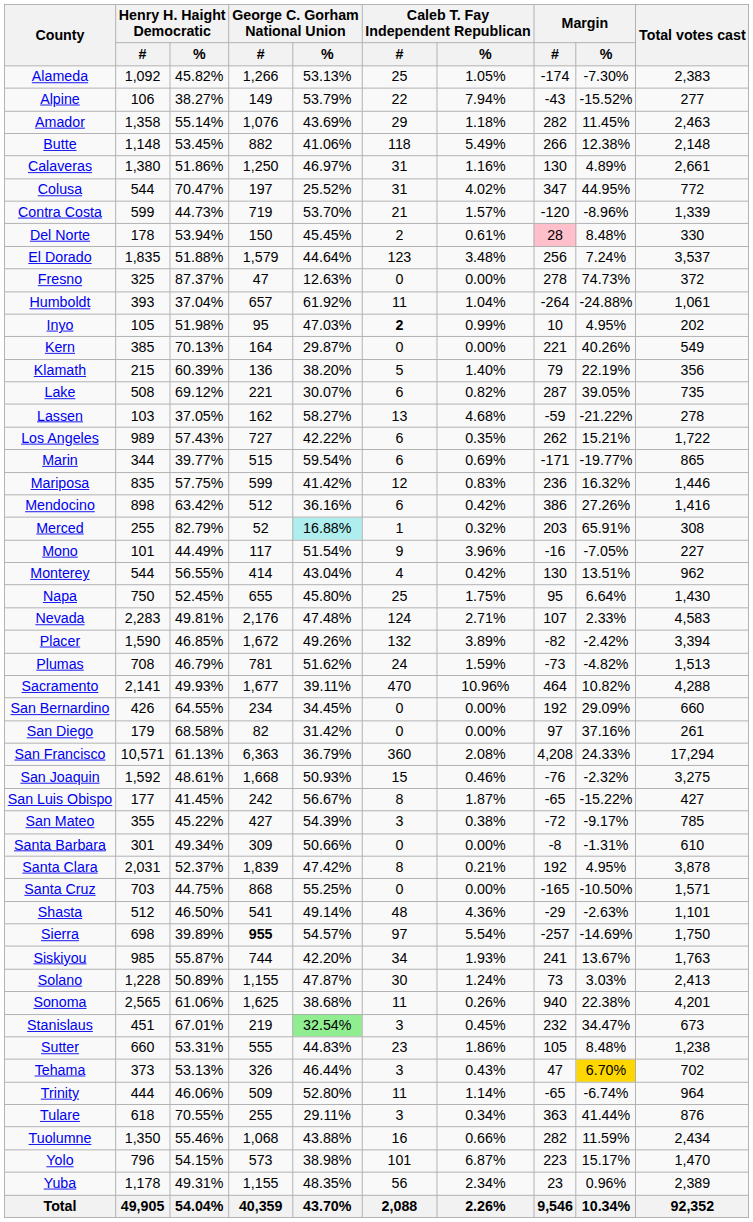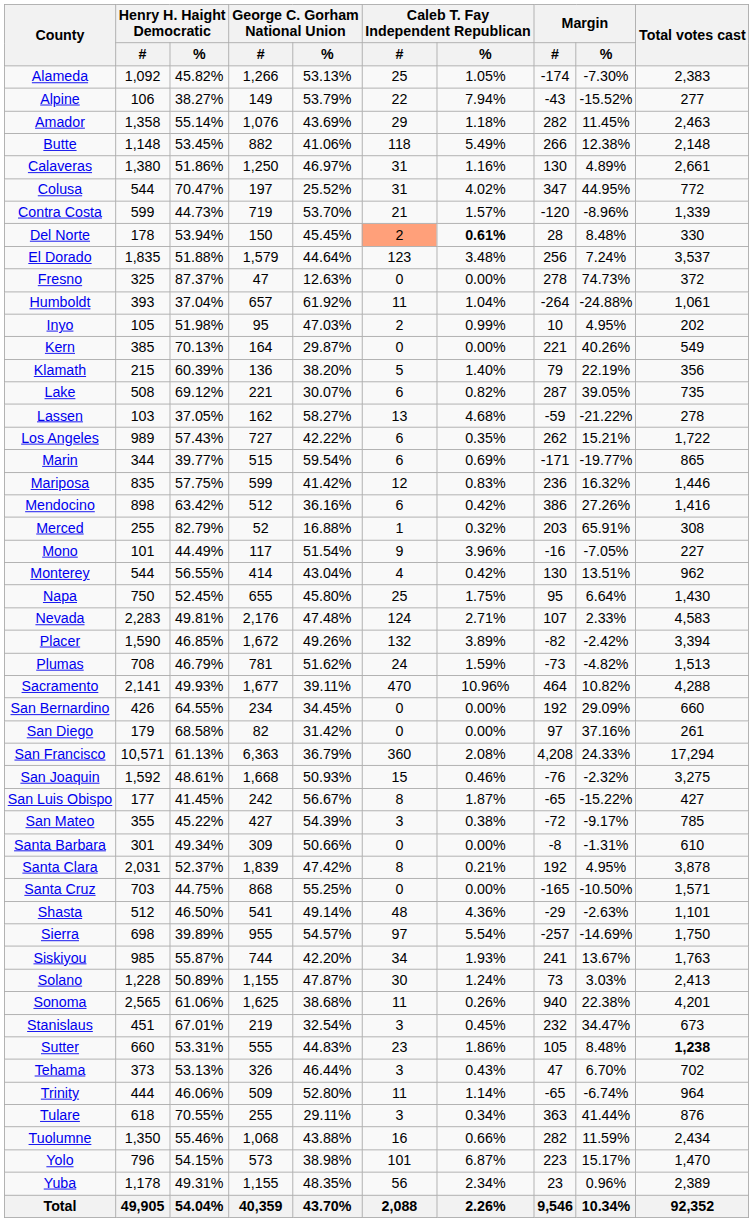 <table class="wikitable sortable" style="text-align:center">
 <tr>
 <th rowspan="2">County</th>
 <th style="text-align:center;" colspan="2">Henry H. Haight<br>Democratic</th>
 <th style="text-align:center;" colspan="2">George C. Gorham<br>National Union</th>
 <th style="text-align:center;" colspan="2">Caleb T. Fay<br>Independent Republican</th>
 <th style="text-align:center;" colspan="2">Margin</th>
 <th style="text-align:center;" rowspan="2">Total votes cast</th>
 </tr>
 <tr>
 <th style="text-align:center;" data-sort-type="number">#</th>
 <th style="text-align:center;" data-sort-type="number">%</th>
 <th style="text-align:center;" data-sort-type="number">#</th>
 <th style="text-align:center;" data-sort-type="number">%</th>
 <th style="text-align:center;" data-sort-type="number">#</th>
 <th style="text-align:center;" data-sort-type="number">%</th>
 <th style="text-align:center;" data-sort-type="number">#</th>
 <th style="text-align:center;" data-sort-type="number">%</th>
 </tr>
 <tr style="text-align:center;">
 <td><a href='#'>Alameda</a></td>
 <td>1,092</td>
 <td>45.82%</td>
 <td>1,266</td>
 <td>53.13%</td>
 <td>25</td>
 <td>1.05%</td>
 <td>-174</td>
 <td>-7.30%</td>
 <td>2,383</td>
 </tr>
 <tr style="text-align:center;">
 <td><a href='#'>Alpine</a></td>
 <td>106</td>
 <td>38.27%</td>
 <td>149</td>
 <td>53.79%</td>
 <td>22</td>
 <td>7.94%</td>
 <td>-43</td>
 <td>-15.52%</td>
 <td>277</td>
 </tr>
 <tr style="text-align:center;">
 <td><a href='#'>Amador</a></td>
 <td>1,358</td>
 <td>55.14%</td>
 <td>1,076</td>
 <td>43.69%</td>
 <td>29</td>
 <td>1.18%</td>
 <td>282</td>
 <td>11.45%</td>
 <td>2,463</td>
 </tr>
 <tr style="text-align:center;">
 <td><a href='#'>Butte</a></td>
 <td>1,148</td>
 <td>53.45%</td>
 <td>882</td>
 <td>41.06%</td>
 <td>118</td>
 <td>5.49%</td>
 <td>266</td>
 <td>12.38%</td>
 <td>2,148</td>
 </tr>
 <tr style="text-align:center;">
 <td><a href='#'>Calaveras</a></td>
 <td>1,380</td>
 <td>51.86%</td>
 <td>1,250</td>
 <td>46.97%</td>
 <td>31</td>
 <td>1.16%</td>
 <td>130</td>
 <td>4.89%</td>
 <td>2,661</td>
 </tr>
 <tr style="text-align:center;">
 <td><a href='#'>Colusa</a></td>
 <td>544</td>
 <td>70.47%</td>
 <td>197</td>
 <td>25.52%</td>
 <td>31</td>
 <td>4.02%</td>
 <td>347</td>
 <td>44.95%</td>
 <td>772</td>
 </tr>
 <tr style="text-align:center;">
 <td><a href='#'>Contra Costa</a></td>
 <td>599</td>
 <td>44.73%</td>
 <td>719</td>
 <td>53.70%</td>
 <td>21</td>
 <td>1.57%</td>
 <td>-120</td>
 <td>-8.96%</td>
 <td>1,339</td>
 </tr>
 <tr style="text-align:center;">
 <td><a href='#'>Del Norte</a></td>
 <td>178</td>
 <td>53.94%</td>
 <td>150</td>
 <td>45.45%</td>
-<td>2</td>
-<td>0.61%</td>
-<td style="background: pink;">28</td>
+<td style="background: lightsalmon;">2</td>
+<td><strong>0.61%</strong></td>
+<td>28</td>
 <td>8.48%</td>
 <td>330</td>
 </tr>
 <tr style="text-align:center;">
 <td><a href='#'>El Dorado</a></td>
 <td>1,835</td>
 <td>51.88%</td>
 <td>1,579</td>
 <td>44.64%</td>
 <td>123</td>
 <td>3.48%</td>
 <td>256</td>
 <td>7.24%</td>
 <td>3,537</td>
 </tr>
 <tr style="text-align:center;">
 <td><a href='#'>Fresno</a></td>
 <td>325</td>
 <td>87.37%</td>
 <td>47</td>
 <td>12.63%</td>
 <td>0</td>
 <td>0.00%</td>
 <td>278</td>
 <td>74.73%</td>
 <td>372</td>
 </tr>
 <tr style="text-align:center;">
 <td><a href='#'>Humboldt</a></td>
 <td>393</td>
 <td>37.04%</td>
 <td>657</td>
 <td>61.92%</td>
 <td>11</td>
 <td>1.04%</td>
 <td>-264</td>
 <td>-24.88%</td>
 <td>1,061</td>
 </tr>
 <tr style="text-align:center;">
 <td><a href='#'>Inyo</a></td>
 <td>105</td>
 <td>51.98%</td>
 <td>95</td>
 <td>47.03%</td>
-<td><strong>2</strong></td>
+<td>2</td>
 <td>0.99%</td>
 <td>10</td>
 <td>4.95%</td>
 <td>202</td>
 </tr>
 <tr style="text-align:center;">
 <td><a href='#'>Kern</a></td>
 <td>385</td>
 <td>70.13%</td>
 <td>164</td>
 <td>29.87%</td>
 <td>0</td>
 <td>0.00%</td>
 <td>221</td>
 <td>40.26%</td>
 <td>549</td>
 </tr>
 <tr style="text-align:center;">
 <td><a href='#'>Klamath</a></td>
 <td>215</td>
 <td>60.39%</td>
 <td>136</td>
 <td>38.20%</td>
 <td>5</td>
 <td>1.40%</td>
 <td>79</td>
 <td>22.19%</td>
 <td>356</td>
 </tr>
 <tr style="text-align:center;">
 <td><a href='#'>Lake</a></td>
 <td>508</td>
 <td>69.12%</td>
 <td>221</td>
 <td>30.07%</td>
 <td>6</td>
 <td>0.82%</td>
 <td>287</td>
 <td>39.05%</td>
 <td>735</td>
 </tr>
 <tr style="text-align:center;">
 <td><a href='#'>Lassen</a></td>
 <td>103</td>
 <td>37.05%</td>
 <td>162</td>
 <td>58.27%</td>
 <td>13</td>
 <td>4.68%</td>
 <td>-59</td>
 <td>-21.22%</td>
 <td>278</td>
 </tr>
 <tr style="text-align:center;">
 <td><a href='#'>Los Angeles</a></td>
 <td>989</td>
 <td>57.43%</td>
 <td>727</td>
 <td>42.22%</td>
 <td>6</td>
 <td>0.35%</td>
 <td>262</td>
 <td>15.21%</td>
 <td>1,722</td>
 </tr>
 <tr style="text-align:center;">
 <td><a href='#'>Marin</a></td>
 <td>344</td>
 <td>39.77%</td>
 <td>515</td>
 <td>59.54%</td>
 <td>6</td>
 <td>0.69%</td>
 <td>-171</td>
 <td>-19.77%</td>
 <td>865</td>
 </tr>
 <tr style="text-align:center;">
 <td><a href='#'>Mariposa</a></td>
 <td>835</td>
 <td>57.75%</td>
 <td>599</td>
 <td>41.42%</td>
 <td>12</td>
 <td>0.83%</td>
 <td>236</td>
 <td>16.32%</td>
 <td>1,446</td>
 </tr>
 <tr style="text-align:center;">
 <td><a href='#'>Mendocino</a></td>
 <td>898</td>
 <td>63.42%</td>
 <td>512</td>
 <td>36.16%</td>
 <td>6</td>
 <td>0.42%</td>
 <td>386</td>
 <td>27.26%</td>
 <td>1,416</td>
 </tr>
 <tr style="text-align:center;">
 <td><a href='#'>Merced</a></td>
 <td>255</td>
 <td>82.79%</td>
 <td>52</td>
-<td style="background: paleturquoise;">16.88%</td>
+<td>16.88%</td>
 <td>1</td>
 <td>0.32%</td>
 <td>203</td>
 <td>65.91%</td>
 <td>308</td>
 </tr>
 <tr style="text-align:center;">
 <td><a href='#'>Mono</a></td>
 <td>101</td>
 <td>44.49%</td>
 <td>117</td>
 <td>51.54%</td>
 <td>9</td>
 <td>3.96%</td>
 <td>-16</td>
 <td>-7.05%</td>
 <td>227</td>
 </tr>
 <tr style="text-align:center;">
 <td><a href='#'>Monterey</a></td>
 <td>544</td>
 <td>56.55%</td>
 <td>414</td>
 <td>43.04%</td>
 <td>4</td>
 <td>0.42%</td>
 <td>130</td>
 <td>13.51%</td>
 <td>962</td>
 </tr>
 <tr style="text-align:center;">
 <td><a href='#'>Napa</a></td>
 <td>750</td>
 <td>52.45%</td>
 <td>655</td>
 <td>45.80%</td>
 <td>25</td>
 <td>1.75%</td>
 <td>95</td>
 <td>6.64%</td>
 <td>1,430</td>
 </tr>
 <tr style="text-align:center;">
 <td><a href='#'>Nevada</a></td>
 <td>2,283</td>
 <td>49.81%</td>
 <td>2,176</td>
 <td>47.48%</td>
 <td>124</td>
 <td>2.71%</td>
 <td>107</td>
 <td>2.33%</td>
 <td>4,583</td>
 </tr>
 <tr style="text-align:center;">
 <td><a href='#'>Placer</a></td>
 <td>1,590</td>
 <td>46.85%</td>
 <td>1,672</td>
 <td>49.26%</td>
 <td>132</td>
 <td>3.89%</td>
 <td>-82</td>
 <td>-2.42%</td>
 <td>3,394</td>
 </tr>
 <tr style="text-align:center;">
 <td><a href='#'>Plumas</a></td>
 <td>708</td>
 <td>46.79%</td>
 <td>781</td>
 <td>51.62%</td>
 <td>24</td>
 <td>1.59%</td>
 <td>-73</td>
 <td>-4.82%</td>
 <td>1,513</td>
 </tr>
 <tr style="text-align:center;">
 <td><a href='#'>Sacramento</a></td>
 <td>2,141</td>
 <td>49.93%</td>
 <td>1,677</td>
 <td>39.11%</td>
 <td>470</td>
 <td>10.96%</td>
 <td>464</td>
 <td>10.82%</td>
 <td>4,288</td>
 </tr>
 <tr style="text-align:center;">
 <td><a href='#'>San Bernardino</a></td>
 <td>426</td>
 <td>64.55%</td>
 <td>234</td>
 <td>34.45%</td>
 <td>0</td>
 <td>0.00%</td>
 <td>192</td>
 <td>29.09%</td>
 <td>660</td>
 </tr>
 <tr style="text-align:center;">
 <td><a href='#'>San Diego</a></td>
 <td>179</td>
 <td>68.58%</td>
 <td>82</td>
 <td>31.42%</td>
 <td>0</td>
 <td>0.00%</td>
 <td>97</td>
 <td>37.16%</td>
 <td>261</td>
 </tr>
 <tr style="text-align:center;">
 <td><a href='#'>San Francisco</a></td>
 <td>10,571</td>
 <td>61.13%</td>
 <td>6,363</td>
 <td>36.79%</td>
 <td>360</td>
 <td>2.08%</td>
 <td>4,208</td>
 <td>24.33%</td>
 <td>17,294</td>
 </tr>
 <tr style="text-align:center;">
 <td><a href='#'>San Joaquin</a></td>
 <td>1,592</td>
 <td>48.61%</td>
 <td>1,668</td>
 <td>50.93%</td>
 <td>15</td>
 <td>0.46%</td>
 <td>-76</td>
 <td>-2.32%</td>
 <td>3,275</td>
 </tr>
 <tr style="text-align:center;">
 <td><a href='#'>San Luis Obispo</a></td>
 <td>177</td>
 <td>41.45%</td>
 <td>242</td>
 <td>56.67%</td>
 <td>8</td>
 <td>1.87%</td>
 <td>-65</td>
 <td>-15.22%</td>
 <td>427</td>
 </tr>
 <tr style="text-align:center;">
 <td><a href='#'>San Mateo</a></td>
 <td>355</td>
 <td>45.22%</td>
 <td>427</td>
 <td>54.39%</td>
 <td>3</td>
 <td>0.38%</td>
 <td>-72</td>
 <td>-9.17%</td>
 <td>785</td>
 </tr>
 <tr style="text-align:center;">
 <td><a href='#'>Santa Barbara</a></td>
 <td>301</td>
 <td>49.34%</td>
 <td>309</td>
 <td>50.66%</td>
 <td>0</td>
 <td>0.00%</td>
 <td>-8</td>
 <td>-1.31%</td>
 <td>610</td>
 </tr>
 <tr style="text-align:center;">
 <td><a href='#'>Santa Clara</a></td>
 <td>2,031</td>
 <td>52.37%</td>
 <td>1,839</td>
 <td>47.42%</td>
 <td>8</td>
 <td>0.21%</td>
 <td>192</td>
 <td>4.95%</td>
 <td>3,878</td>
 </tr>
 <tr style="text-align:center;">
 <td><a href='#'>Santa Cruz</a></td>
 <td>703</td>
 <td>44.75%</td>
 <td>868</td>
 <td>55.25%</td>
 <td>0</td>
 <td>0.00%</td>
 <td>-165</td>
 <td>-10.50%</td>
 <td>1,571</td>
 </tr>
 <tr style="text-align:center;">
 <td><a href='#'>Shasta</a></td>
 <td>512</td>
 <td>46.50%</td>
 <td>541</td>
 <td>49.14%</td>
 <td>48</td>
 <td>4.36%</td>
 <td>-29</td>
 <td>-2.63%</td>
 <td>1,101</td>
 </tr>
 <tr style="text-align:center;">
 <td><a href='#'>Sierra</a></td>
 <td>698</td>
 <td>39.89%</td>
-<td><strong>955</strong></td>
+<td>955</td>
 <td>54.57%</td>
 <td>97</td>
 <td>5.54%</td>
 <td>-257</td>
 <td>-14.69%</td>
 <td>1,750</td>
 </tr>
 <tr style="text-align:center;">
 <td><a href='#'>Siskiyou</a></td>
 <td>985</td>
 <td>55.87%</td>
 <td>744</td>
 <td>42.20%</td>
 <td>34</td>
 <td>1.93%</td>
 <td>241</td>
 <td>13.67%</td>
 <td>1,763</td>
 </tr>
 <tr style="text-align:center;">
 <td><a href='#'>Solano</a></td>
 <td>1,228</td>
 <td>50.89%</td>
 <td>1,155</td>
 <td>47.87%</td>
 <td>30</td>
 <td>1.24%</td>
 <td>73</td>
 <td>3.03%</td>
 <td>2,413</td>
 </tr>
 <tr style="text-align:center;">
 <td><a href='#'>Sonoma</a></td>
 <td>2,565</td>
 <td>61.06%</td>
 <td>1,625</td>
 <td>38.68%</td>
 <td>11</td>
 <td>0.26%</td>
 <td>940</td>
 <td>22.38%</td>
 <td>4,201</td>
 </tr>
 <tr style="text-align:center;">
 <td><a href='#'>Stanislaus</a></td>
 <td>451</td>
 <td>67.01%</td>
 <td>219</td>
-<td style="background: lightgreen;">32.54%</td>
+<td>32.54%</td>
 <td>3</td>
 <td>0.45%</td>
 <td>232</td>
 <td>34.47%</td>
 <td>673</td>
 </tr>
 <tr style="text-align:center;">
 <td><a href='#'>Sutter</a></td>
 <td>660</td>
 <td>53.31%</td>
 <td>555</td>
 <td>44.83%</td>
 <td>23</td>
 <td>1.86%</td>
 <td>105</td>
 <td>8.48%</td>
-<td>1,238</td>
+<td><strong>1,238</strong></td>
 </tr>
 <tr style="text-align:center;">
 <td><a href='#'>Tehama</a></td>
 <td>373</td>
 <td>53.13%</td>
 <td>326</td>
 <td>46.44%</td>
 <td>3</td>
 <td>0.43%</td>
 <td>47</td>
-<td style="background: gold;">6.70%</td>
+<td>6.70%</td>
 <td>702</td>
 </tr>
 <tr style="text-align:center;">
 <td><a href='#'>Trinity</a></td>
 <td>444</td>
 <td>46.06%</td>
 <td>509</td>
 <td>52.80%</td>
 <td>11</td>
 <td>1.14%</td>
 <td>-65</td>
 <td>-6.74%</td>
 <td>964</td>
 </tr>
 <tr style="text-align:center;">
 <td><a href='#'>Tulare</a></td>
 <td>618</td>
 <td>70.55%</td>
 <td>255</td>
 <td>29.11%</td>
 <td>3</td>
 <td>0.34%</td>
 <td>363</td>
 <td>41.44%</td>
 <td>876</td>
 </tr>
 <tr style="text-align:center;">
 <td><a href='#'>Tuolumne</a></td>
 <td>1,350</td>
 <td>55.46%</td>
 <td>1,068</td>
 <td>43.88%</td>
 <td>16</td>
 <td>0.66%</td>
 <td>282</td>
 <td>11.59%</td>
 <td>2,434</td>
 </tr>
 <tr style="text-align:center;">
 <td><a href='#'>Yolo</a></td>
 <td>796</td>
 <td>54.15%</td>
 <td>573</td>
 <td>38.98%</td>
 <td>101</td>
 <td>6.87%</td>
 <td>223</td>
 <td>15.17%</td>
 <td>1,470</td>
 </tr>
 <tr style="text-align:center;">
 <td><a href='#'>Yuba</a></td>
 <td>1,178</td>
 <td>49.31%</td>
 <td>1,155</td>
 <td>48.35%</td>
 <td>56</td>
 <td>2.34%</td>
 <td>23</td>
 <td>0.96%</td>
 <td>2,389</td>
 </tr>
 <tr style="text-align:center;">
 <th>Total</th>
 <th>49,905</th>
 <th>54.04%</th>
 <th>40,359</th>
 <th>43.70%</th>
 <th>2,088</th>
 <th>2.26%</th>
 <th>9,546</th>
 <th>10.34%</th>
 <th>92,352</th>
 </tr>
 </table>
